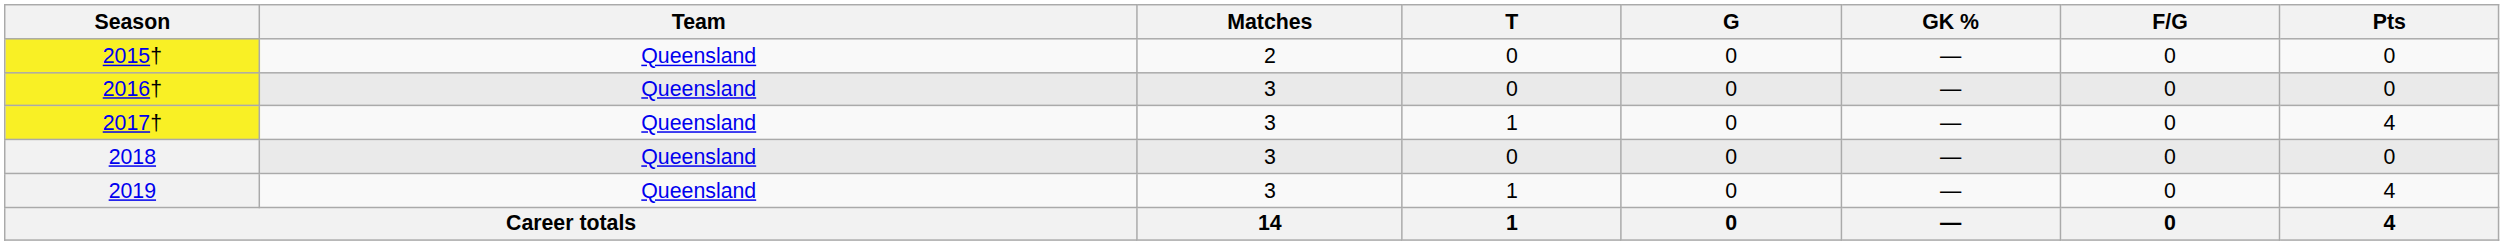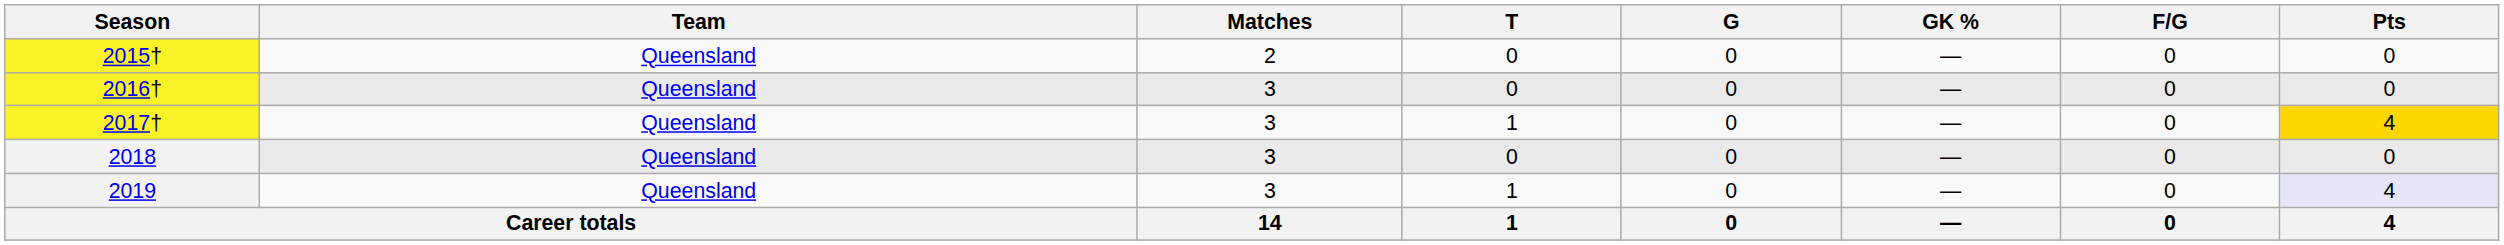 <table class="wikitable sortable"  style="font-size:90%; text-align:center; width:85%;">
 <tr>
 <th width=2%>Season</th>
 <th width=8%>Team</th>
 <th width=2%>Matches</th>
 <th width=2%>T</th>
 <th width=2%>G</th>
 <th width=2%>GK %</th>
 <th width=2%>F/G</th>
 <th width=2%>Pts</th>
 </tr>
 <tr>
 <th scope="row" style="text-align:center;background:#f9f025; font-weight:normal"><a href='#'>2015</a>†</th>
 <td style="text-align:center;"> <a href='#'>Queensland</a></td>
 <td>2</td>
 <td>0</td>
 <td>0</td>
 <td>—</td>
 <td>0</td>
 <td>0</td>
 </tr>
 <tr style="background:#eaeaea;">
 <th scope="row" style="text-align:center;background:#f9f025; font-weight:normal"><a href='#'>2016</a>†</th>
 <td style="text-align:center;"> <a href='#'>Queensland</a></td>
 <td>3</td>
 <td>0</td>
 <td>0</td>
 <td>—</td>
 <td>0</td>
 <td>0</td>
 </tr>
 <tr>
 <th scope="row" style="text-align:center;background:#f9f025; font-weight:normal"><a href='#'>2017</a>†</th>
 <td style="text-align:center;"> <a href='#'>Queensland</a></td>
 <td>3</td>
 <td>1</td>
 <td>0</td>
 <td>—</td>
 <td>0</td>
-<td>4</td>
+<td style="background: gold;">4</td>
 </tr>
 <tr style="background:#eaeaea;">
 <th scope="row" style="text-align:center; font-weight:normal"><a href='#'>2018</a></th>
 <td style="text-align:center;"> <a href='#'>Queensland</a></td>
 <td>3</td>
 <td>0</td>
 <td>0</td>
 <td>—</td>
 <td>0</td>
 <td>0</td>
 </tr>
 <tr>
 <th scope="row" style="text-align:center; font-weight:normal"><a href='#'>2019</a></th>
 <td style="text-align:center;"> <a href='#'>Queensland</a></td>
 <td>3</td>
 <td>1</td>
 <td>0</td>
 <td>—</td>
 <td>0</td>
-<td>4</td>
+<td style="background: lavender;">4</td>
 </tr>
 <tr class="sortbottom">
 <th colspan=2>Career totals</th>
 <th>14</th>
 <th>1</th>
 <th>0</th>
 <th>—</th>
 <th>0</th>
 <th>4</th>
 </tr>
 </table>
